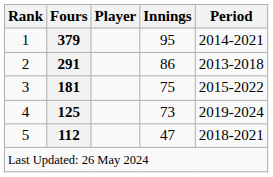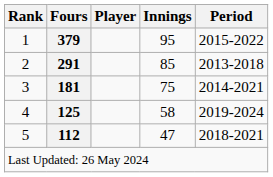 <table class="wikitable">
 <tr>
 <th style="text-align:center;">Rank</th>
 <th style="text-align:center;">Fours</th>
 <th style="text-align:center;">Player</th>
 <th style="text-align:center;">Innings</th>
 <th style="text-align:center;">Period</th>
 </tr>
 <tr>
 <td align=center>1</td>
 <th scope=row style=text-align:center;>379</th>
 <td></td>
 <td align=center>95</td>
-<td>2014-2021</td>
+<td>2015-2022</td>
 </tr>
 <tr>
 <td align=center>2</td>
 <th scope=row style=text-align:center;>291</th>
 <td></td>
-<td align=center>86</td>
+<td align=center>85</td>
 <td>2013-2018</td>
 </tr>
 <tr>
 <td align=center>3</td>
 <th scope=row style=text-align:center;>181</th>
 <td></td>
 <td align=center>75</td>
-<td>2015-2022</td>
+<td>2014-2021</td>
 </tr>
 <tr>
 <td align=center>4</td>
 <th scope=row style=text-align:center;>125</th>
 <td> </td>
-<td align=center>73</td>
+<td align=center>58</td>
 <td>2019-2024</td>
 </tr>
 <tr>
 <td align=center>5</td>
 <th scope=row style=text-align:center;>112</th>
 <td></td>
 <td align=center>47</td>
 <td>2018-2021</td>
 </tr>
 <tr>
 <td colspan=6><small>Last Updated: 26 May 2024</small></td>
 </tr>
 </table>
